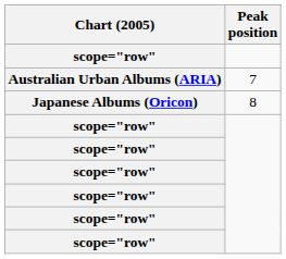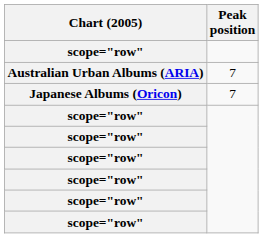 <table class="wikitable sortable plainrowheaders">
 <tr>
 <th>Chart (2005)</th>
 <th>Peak<br>position</th>
 </tr>
 <tr>
 <th>scope="row" </th>
 </tr>
 <tr>
 <th scope="row">Australian Urban Albums (<a href='#'>ARIA</a>)</th>
 <td align="center">7</td>
 </tr>
 <tr>
 <th scope="row">Japanese Albums (<a href='#'>Oricon</a>)</th>
-<td align="center">8</td>
+<td align="center">7</td>
 </tr>
 <tr>
 <th>scope="row" </th>
 </tr>
 <tr>
 <th>scope="row" </th>
 </tr>
 <tr>
 <th>scope="row" </th>
 </tr>
 <tr>
 <th>scope="row" </th>
 </tr>
 <tr>
 <th>scope="row" </th>
 </tr>
 <tr>
 <th>scope="row" </th>
 </tr>
 </table>
